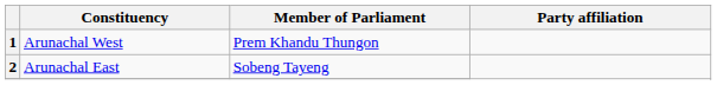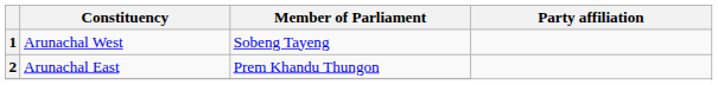 <table class="wikitable sortable">
 <tr style="text-align:center;">
 <th></th>
 <th style="width:13em">Constituency</th>
 <th style="width:15em">Member of Parliament</th>
 <th colspan="2" style="width:15em">Party affiliation</th>
 </tr>
 <tr>
 <th>1</th>
 <td><a href='#'>Arunachal West</a></td>
-<td><a href='#'>Prem Khandu Thungon</a></td>
+<td><a href='#'>Sobeng Tayeng</a></td>
 <td></td>
 </tr>
 <tr>
 <th>2</th>
 <td><a href='#'>Arunachal East</a></td>
-<td><a href='#'>Sobeng Tayeng</a></td>
+<td><a href='#'>Prem Khandu Thungon</a></td>
 </tr>
 <tr>
 </tr>
 </table>
